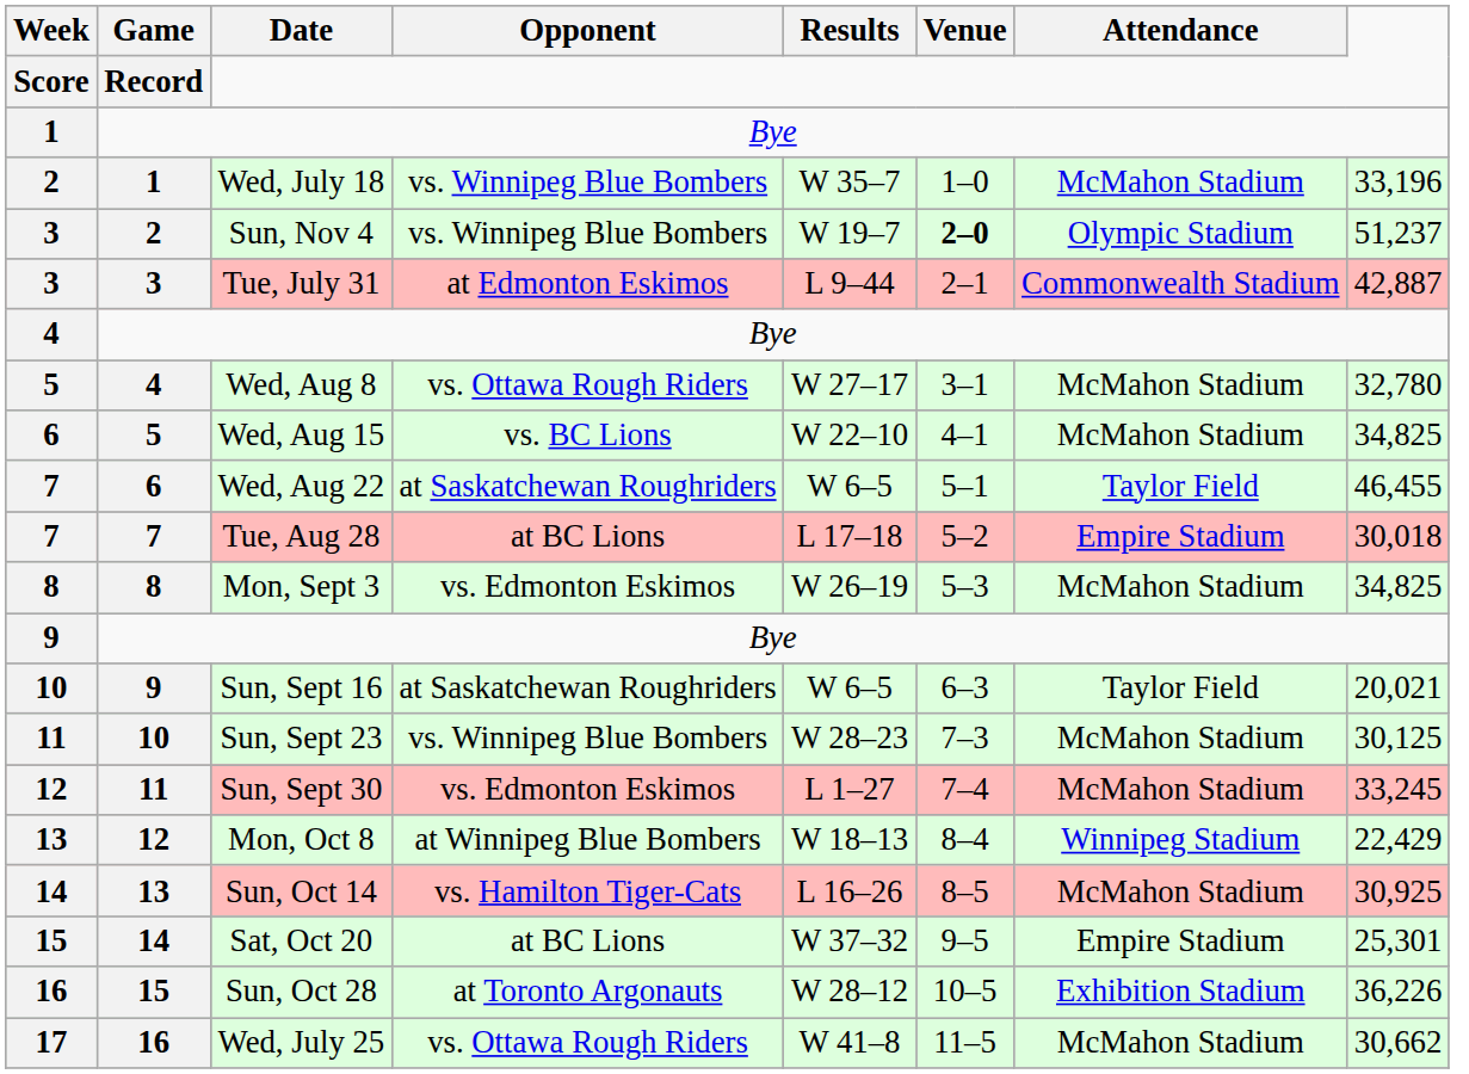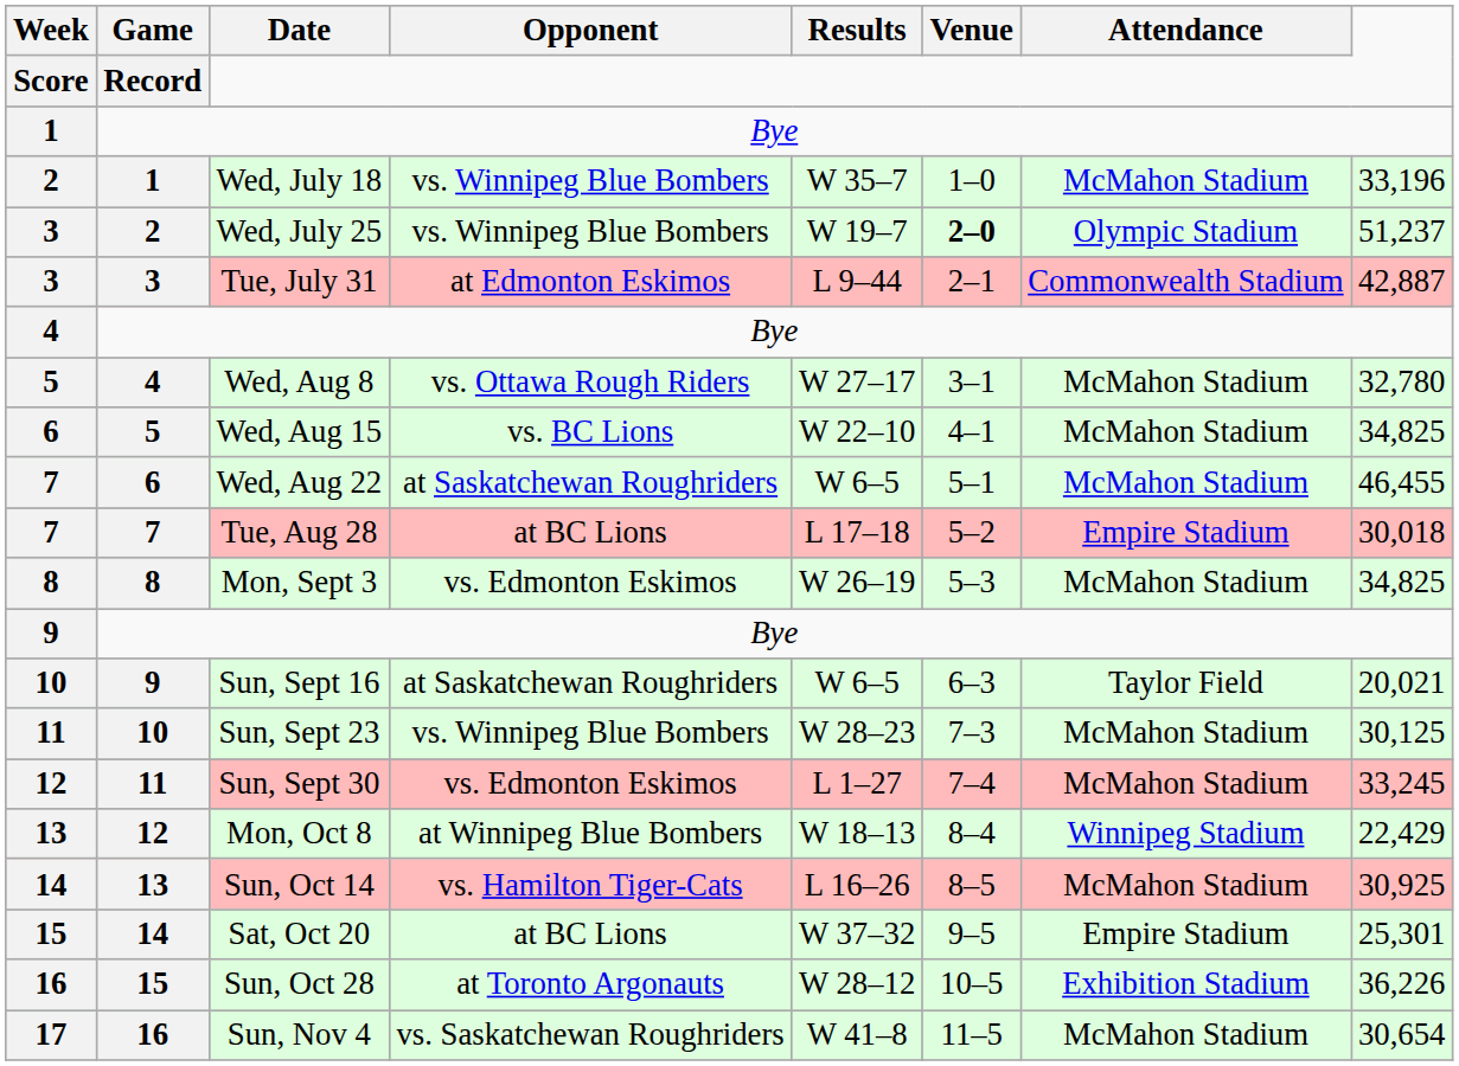 <table class="wikitable" style="text-align:center">
 <tr>
 <th>Week</th>
 <th>Game</th>
 <th>Date</th>
 <th>Opponent</th>
 <th>Results</th>
 <th>Venue</th>
 <th>Attendance</th>
 </tr>
 <tr>
 <th>Score</th>
 <th>Record</th>
 </tr>
 <tr>
 <th>1</th>
 <td colspan="7"><em><a href='#'>Bye</a></em></td>
 </tr>
 <tr style="background:#ddffdd">
 <th>2</th>
 <th>1</th>
 <td>Wed, July 18</td>
 <td>vs. <a href='#'>Winnipeg Blue Bombers</a></td>
 <td>W 35–7</td>
 <td>1–0</td>
 <td><a href='#'>McMahon Stadium</a></td>
 <td>33,196</td>
 </tr>
 <tr style="background:#ddffdd">
 <th>3</th>
 <th>2</th>
-<td>Sun, Nov 4</td>
+<td>Wed, July 25</td>
 <td>vs. Winnipeg Blue Bombers</td>
 <td>W 19–7</td>
 <td><strong>2–0</strong></td>
 <td><a href='#'>Olympic Stadium</a></td>
 <td>51,237</td>
 </tr>
 <tr style="background:#ffbbbb">
 <th>3</th>
 <th>3</th>
 <td>Tue, July 31</td>
 <td>at <a href='#'>Edmonton Eskimos</a></td>
 <td>L 9–44</td>
 <td>2–1</td>
 <td><a href='#'>Commonwealth Stadium</a></td>
 <td>42,887</td>
 </tr>
 <tr>
 <th>4</th>
 <td colspan="7"><em>Bye</em></td>
 </tr>
 <tr style="background:#ddffdd">
 <th>5</th>
 <th>4</th>
 <td>Wed, Aug 8</td>
 <td>vs. <a href='#'>Ottawa Rough Riders</a></td>
 <td>W 27–17</td>
 <td>3–1</td>
 <td>McMahon Stadium</td>
 <td>32,780</td>
 </tr>
 <tr align="center" bgcolor="#ddffdd">
 <th>6</th>
 <th>5</th>
 <td>Wed, Aug 15</td>
 <td>vs. <a href='#'>BC Lions</a></td>
 <td>W 22–10</td>
 <td>4–1</td>
 <td>McMahon Stadium</td>
 <td>34,825</td>
 </tr>
 <tr style="background:#ddffdd">
 <th>7</th>
 <th>6</th>
 <td>Wed, Aug 22</td>
 <td>at <a href='#'>Saskatchewan Roughriders</a></td>
 <td>W 6–5</td>
 <td>5–1</td>
-<td><a href='#'>Taylor Field</a></td>
+<td><a href='#'>McMahon Stadium</a></td>
 <td>46,455</td>
 </tr>
 <tr style="background:#ffbbbb">
 <th>7</th>
 <th>7</th>
 <td>Tue, Aug 28</td>
 <td>at BC Lions</td>
 <td>L 17–18</td>
 <td>5–2</td>
 <td><a href='#'>Empire Stadium</a></td>
 <td>30,018</td>
 </tr>
 <tr style="background:#ddffdd">
 <th>8</th>
 <th>8</th>
 <td>Mon, Sept 3</td>
 <td>vs. Edmonton Eskimos</td>
 <td>W 26–19</td>
 <td>5–3</td>
 <td>McMahon Stadium</td>
 <td>34,825</td>
 </tr>
 <tr>
 <th>9</th>
 <td colspan="7"><em>Bye</em></td>
 </tr>
 <tr style="background:#ddffdd">
 <th>10</th>
 <th>9</th>
 <td>Sun, Sept 16</td>
 <td>at Saskatchewan Roughriders</td>
 <td>W 6–5</td>
 <td>6–3</td>
 <td>Taylor Field</td>
 <td>20,021</td>
 </tr>
 <tr style="background:#ddffdd">
 <th>11</th>
 <th>10</th>
 <td>Sun, Sept 23</td>
 <td>vs. Winnipeg Blue Bombers</td>
 <td>W 28–23</td>
 <td>7–3</td>
 <td>McMahon Stadium</td>
 <td>30,125</td>
 </tr>
 <tr style="background:#ffbbbb">
 <th>12</th>
 <th>11</th>
 <td>Sun, Sept 30</td>
 <td>vs. Edmonton Eskimos</td>
 <td>L 1–27</td>
 <td>7–4</td>
 <td>McMahon Stadium</td>
 <td>33,245</td>
 </tr>
 <tr style="background:#ddffdd">
 <th>13</th>
 <th>12</th>
 <td>Mon, Oct 8</td>
 <td>at Winnipeg Blue Bombers</td>
 <td>W 18–13</td>
 <td>8–4</td>
 <td><a href='#'>Winnipeg Stadium</a></td>
 <td>22,429</td>
 </tr>
 <tr style="background:#ffbbbb">
 <th>14</th>
 <th>13</th>
 <td>Sun, Oct 14</td>
 <td>vs. <a href='#'>Hamilton Tiger-Cats</a></td>
 <td>L 16–26</td>
 <td>8–5</td>
 <td>McMahon Stadium</td>
 <td>30,925</td>
 </tr>
 <tr style="background:#ddffdd">
 <th>15</th>
 <th>14</th>
 <td>Sat, Oct 20</td>
 <td>at BC Lions</td>
 <td>W 37–32</td>
 <td>9–5</td>
 <td>Empire Stadium</td>
 <td>25,301</td>
 </tr>
 <tr style="background:#ddffdd">
 <th>16</th>
 <th>15</th>
 <td>Sun, Oct 28</td>
 <td>at <a href='#'>Toronto Argonauts</a></td>
 <td>W 28–12</td>
 <td>10–5</td>
 <td><a href='#'>Exhibition Stadium</a></td>
 <td>36,226</td>
 </tr>
 <tr style="background:#ddffdd">
 <th>17</th>
 <th>16</th>
-<td>Wed, July 25</td>
-<td>vs. <a href='#'>Ottawa Rough Riders</a></td>
+<td>Sun, Nov 4</td>
+<td>vs. Saskatchewan Roughriders</td>
 <td>W 41–8</td>
 <td>11–5</td>
 <td>McMahon Stadium</td>
-<td>30,662</td>
+<td>30,654</td>
 </tr>
 </table>
